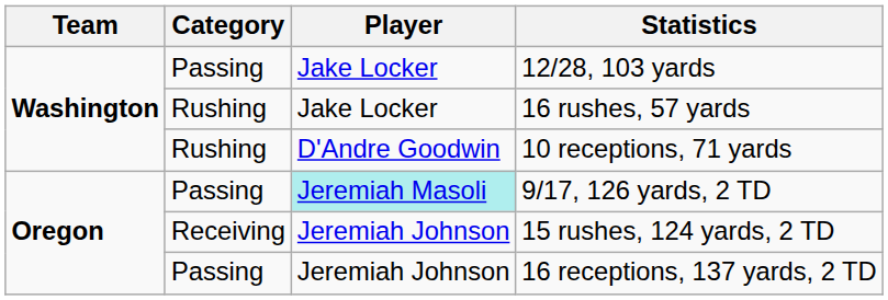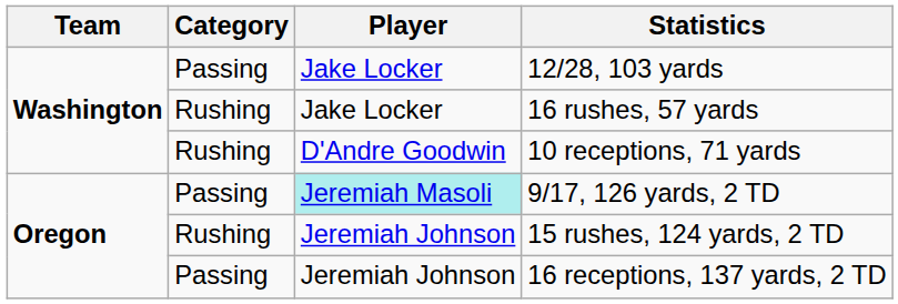 <table class="wikitable" style="float: right;">
 <tr>
 <th>Team</th>
 <th>Category</th>
 <th>Player</th>
 <th>Statistics</th>
 </tr>
 <tr>
 <td rowspan=3><strong>Washington</strong></td>
 <td>Passing</td>
 <td><a href='#'>Jake Locker</a></td>
 <td>12/28, 103 yards</td>
 </tr>
 <tr>
 <td>Rushing</td>
 <td>Jake Locker</td>
 <td>16 rushes, 57 yards</td>
 </tr>
 <tr>
 <td>Rushing</td>
 <td><a href='#'>D'Andre Goodwin</a></td>
 <td>10 receptions, 71 yards</td>
 </tr>
 <tr>
 <td rowspan=3><strong>Oregon</strong></td>
 <td>Passing</td>
 <td style="background: paleturquoise;"><a href='#'>Jeremiah Masoli</a></td>
 <td>9/17, 126 yards, 2 TD</td>
 </tr>
 <tr>
-<td>Receiving</td>
+<td>Rushing</td>
 <td><a href='#'>Jeremiah Johnson</a></td>
 <td>15 rushes, 124 yards, 2 TD</td>
 </tr>
 <tr>
 <td>Passing</td>
 <td>Jeremiah Johnson</td>
 <td>16 receptions, 137 yards, 2 TD</td>
 </tr>
 </table>
